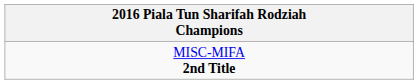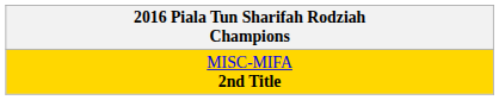 <table class="wikitable" style="text-align: center; margin: 0 auto; width: 30%">
 <tr>
 <th>2016 Piala Tun Sharifah Rodziah<br>Champions</th>
 </tr>
 <tr>
-<td> <a href='#'>MISC-MIFA</a><br><strong>2nd Title</strong></td>
+<td style="background: gold;"> <a href='#'>MISC-MIFA</a><br><strong>2nd Title</strong></td>
 </tr>
 </table>
